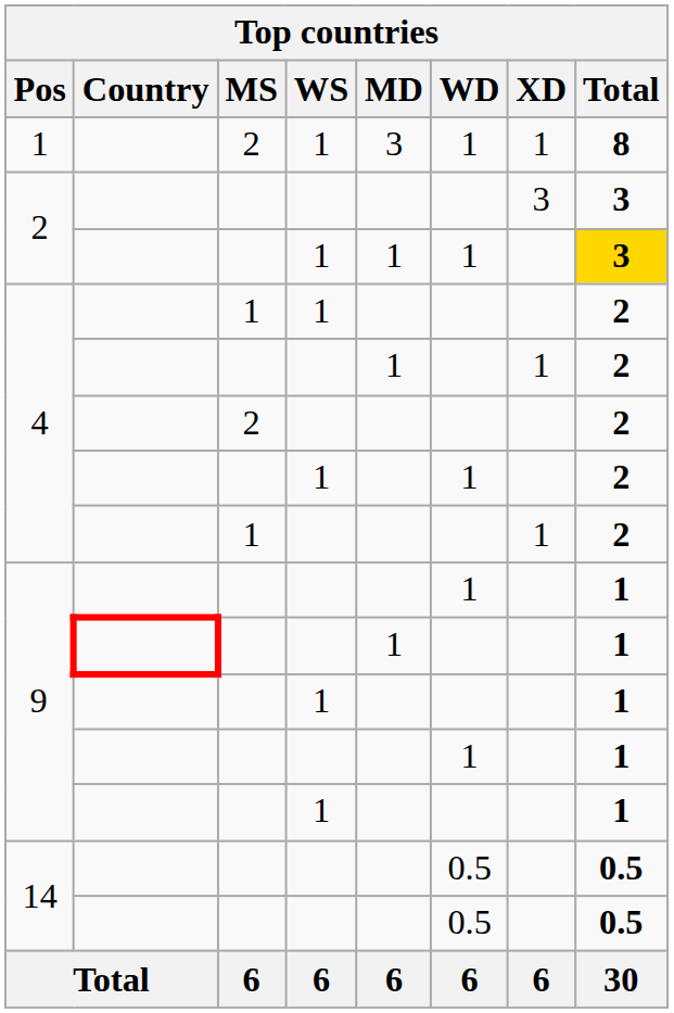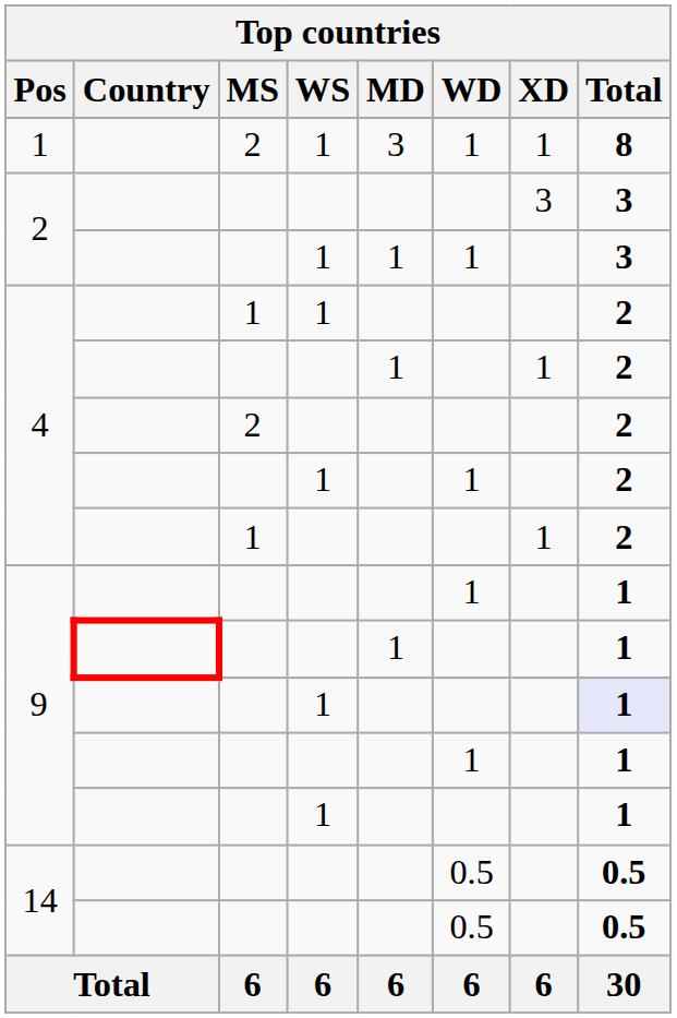 <table class="wikitable" style="text-align:center">
 <tr>
 <th colspan="10">Top countries</th>
 </tr>
 <tr>
 <th>Pos</th>
 <th>Country</th>
 <th>MS</th>
 <th>WS</th>
 <th>MD</th>
 <th>WD</th>
 <th>XD</th>
 <th>Total</th>
 </tr>
 <tr>
 <td>1</td>
 <td align=left></td>
 <td>2</td>
 <td>1</td>
 <td>3</td>
 <td>1</td>
 <td>1</td>
 <td><strong>8</strong></td>
 </tr>
 <tr>
 <td rowspan="2">2</td>
 <td align=left></td>
 <td></td>
 <td></td>
 <td></td>
 <td></td>
 <td>3</td>
 <td><strong>3</strong></td>
 </tr>
 <tr>
 <td align=left></td>
 <td></td>
 <td>1</td>
 <td>1</td>
 <td>1</td>
 <td></td>
-<td style="background: gold;"><strong>3</strong></td>
+<td><strong>3</strong></td>
 </tr>
 <tr>
 <td rowspan="5">4</td>
 <td align=left></td>
 <td>1</td>
 <td>1</td>
 <td></td>
 <td></td>
 <td></td>
 <td><strong>2</strong></td>
 </tr>
 <tr>
 <td align=left></td>
 <td></td>
 <td></td>
 <td>1</td>
 <td></td>
 <td>1</td>
 <td><strong>2</strong></td>
 </tr>
 <tr>
 <td align=left></td>
 <td>2</td>
 <td></td>
 <td></td>
 <td></td>
 <td></td>
 <td><strong>2</strong></td>
 </tr>
 <tr>
 <td align=left></td>
 <td></td>
 <td>1</td>
 <td></td>
 <td>1</td>
 <td></td>
 <td><strong>2</strong></td>
 </tr>
 <tr>
 <td align=left></td>
 <td>1</td>
 <td></td>
 <td></td>
 <td></td>
 <td>1</td>
 <td><strong>2</strong></td>
 </tr>
 <tr>
 <td rowspan="5">9</td>
 <td align=left></td>
 <td></td>
 <td></td>
 <td></td>
 <td>1</td>
 <td></td>
 <td><strong>1</strong></td>
 </tr>
 <tr>
 <td align="left" style="border: 3px solid red"></td>
 <td></td>
 <td></td>
 <td>1</td>
 <td></td>
 <td></td>
 <td><strong>1</strong></td>
 </tr>
 <tr>
 <td align=left></td>
 <td></td>
 <td>1</td>
 <td></td>
 <td></td>
 <td></td>
-<td><strong>1</strong></td>
+<td style="background: lavender;"><strong>1</strong></td>
 </tr>
 <tr>
 <td align=left></td>
 <td></td>
 <td></td>
 <td></td>
 <td>1</td>
 <td></td>
 <td><strong>1</strong></td>
 </tr>
 <tr>
 <td align=left></td>
 <td></td>
 <td>1</td>
 <td></td>
 <td></td>
 <td></td>
 <td><strong>1</strong></td>
 </tr>
 <tr>
 <td rowspan="2">14</td>
 <td align=left></td>
 <td></td>
 <td></td>
 <td></td>
 <td>0.5</td>
 <td></td>
 <td><strong>0.5</strong></td>
 </tr>
 <tr>
 <td align=left></td>
 <td></td>
 <td></td>
 <td></td>
 <td>0.5</td>
 <td></td>
 <td><strong>0.5</strong></td>
 </tr>
 <tr>
 <th colspan="2">Total</th>
 <th>6</th>
 <th>6</th>
 <th>6</th>
 <th>6</th>
 <th>6</th>
 <th>30</th>
 </tr>
 </table>
